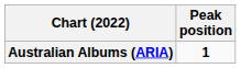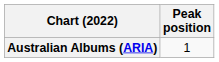 <table class="wikitable plainrowheaders" style="text-align:center">
 <tr>
 <th scope="col">Chart (2022)</th>
 <th scope="col">Peak<br>position</th>
 </tr>
 <tr>
 <th scope="row">Australian Albums (<a href='#'>ARIA</a>)</th>
-<td><strong>1</strong></td>
+<td>1</td>
 </tr>
 </table>
